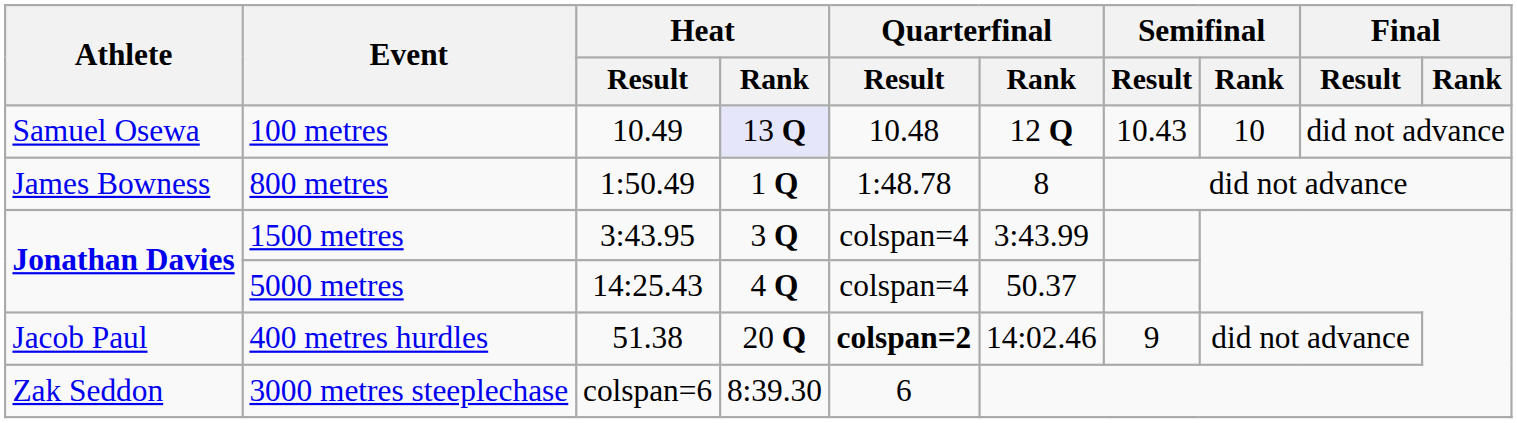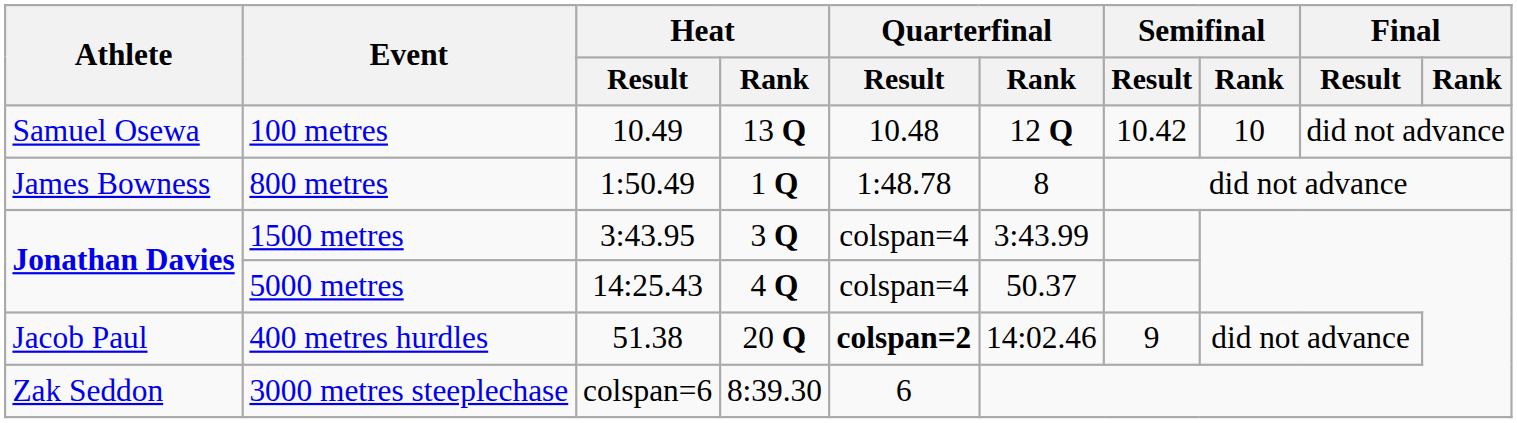 <table class=wikitable style="font-size:90%">
 <tr>
 <th rowspan="2">Athlete</th>
 <th rowspan="2">Event</th>
 <th colspan="2">Heat</th>
 <th colspan="2">Quarterfinal</th>
 <th colspan="2">Semifinal</th>
 <th colspan="2">Final</th>
 </tr>
 <tr style="font-size:95%">
 <th>Result</th>
 <th>Rank</th>
 <th>Result</th>
 <th>Rank</th>
 <th>Result</th>
 <th>Rank</th>
 <th>Result</th>
 <th>Rank</th>
 </tr>
 <tr align=center>
 <td align=left><a href='#'>Samuel Osewa</a></td>
 <td align=left><a href='#'>100 metres</a></td>
 <td>10.49</td>
-<td style="background: lavender;">13 <strong>Q</strong></td>
+<td>13 <strong>Q</strong></td>
 <td>10.48</td>
 <td>12 <strong>Q</strong></td>
-<td>10.43</td>
+<td>10.42</td>
 <td>10</td>
 <td colspan=2>did not advance</td>
 </tr>
 <tr align=center>
 <td align=left><a href='#'>James Bowness</a></td>
 <td align=left><a href='#'>800 metres</a></td>
 <td>1:50.49</td>
 <td>1 <strong>Q</strong></td>
 <td>1:48.78</td>
 <td>8</td>
 <td colspan=4>did not advance</td>
 </tr>
 <tr align=center>
 <td align=left rowspan=2><strong><a href='#'>Jonathan Davies</a></strong></td>
 <td align=left><a href='#'>1500 metres</a></td>
 <td>3:43.95</td>
 <td>3 <strong>Q</strong></td>
 <td>colspan=4 </td>
 <td>3:43.99</td>
 <td></td>
 </tr>
 <tr align=center>
 <td align=left><a href='#'>5000 metres</a></td>
 <td>14:25.43</td>
 <td>4 <strong>Q</strong></td>
 <td>colspan=4 </td>
 <td>50.37</td>
 <td></td>
 </tr>
 <tr align=center>
 <td align=left><a href='#'>Jacob Paul</a></td>
 <td align=left><a href='#'>400 metres hurdles</a></td>
 <td>51.38</td>
 <td>20 <strong>Q</strong></td>
 <td><strong>colspan=2 </strong></td>
 <td>14:02.46</td>
 <td>9</td>
 <td colspan=2>did not advance</td>
 </tr>
 <tr align=center>
 <td align=left><a href='#'>Zak Seddon</a></td>
 <td align=left><a href='#'>3000 metres steeplechase</a></td>
 <td>colspan=6 </td>
 <td>8:39.30</td>
 <td>6</td>
 </tr>
 </table>
